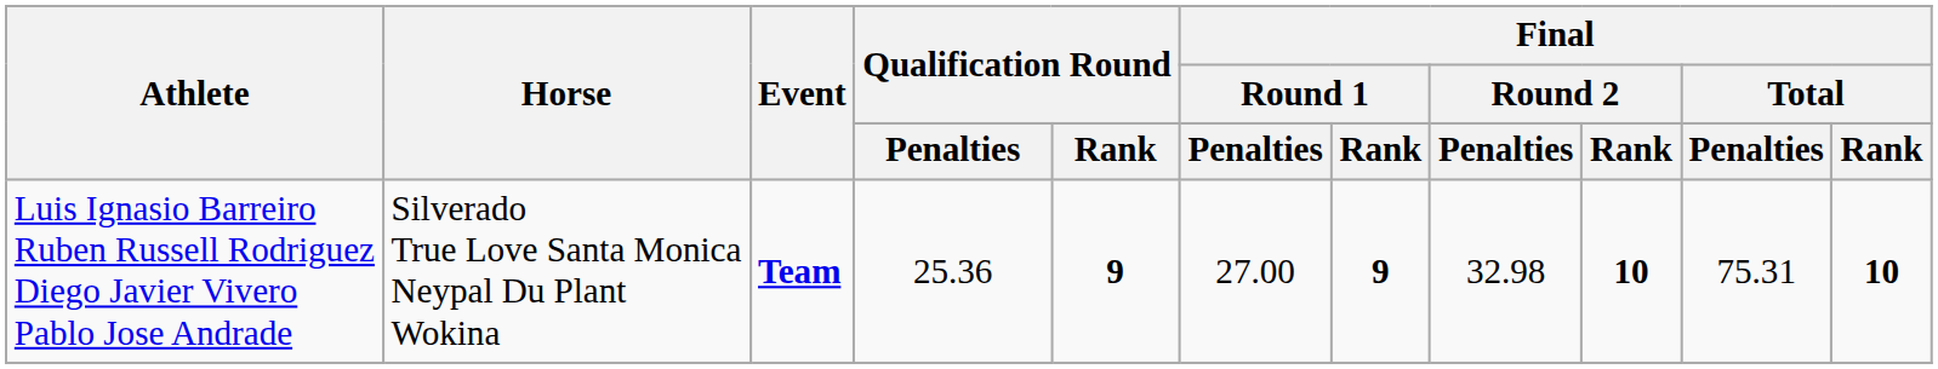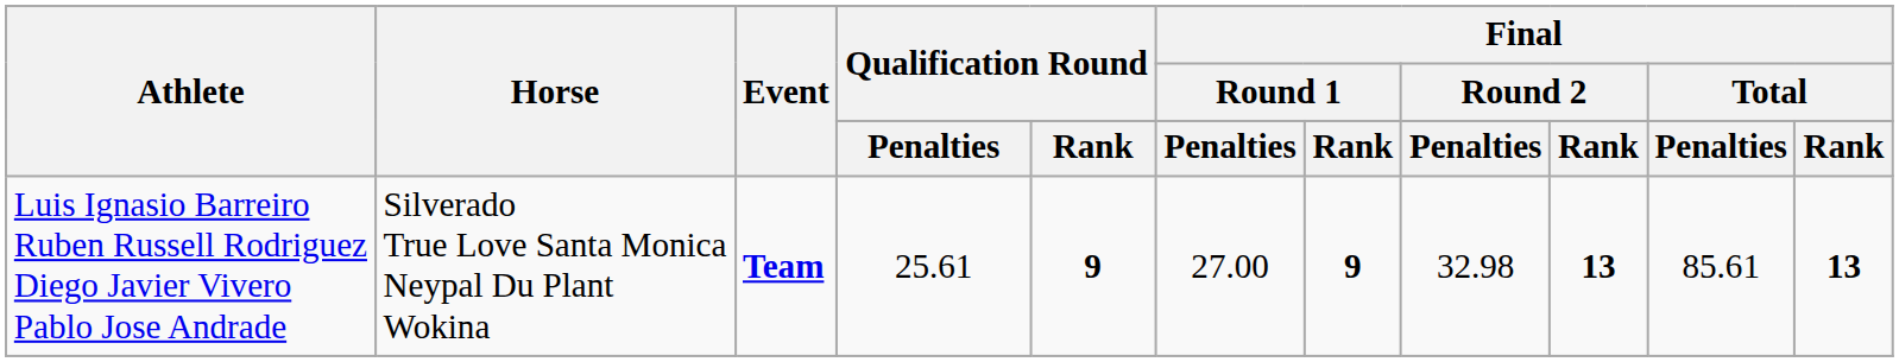 <table class=wikitable style="font-size:90%">
 <tr>
 <th rowspan=3>Athlete</th>
 <th rowspan=3>Horse</th>
 <th rowspan=3>Event</th>
 <th colspan=2 rowspan=2>Qualification Round</th>
 <th colspan=8>Final</th>
 </tr>
 <tr>
 <th colspan=2>Round 1</th>
 <th colspan=2>Round 2</th>
 <th colspan=2>Total</th>
 </tr>
 <tr>
 <th>Penalties</th>
 <th>Rank</th>
 <th>Penalties</th>
 <th>Rank</th>
 <th>Penalties</th>
 <th>Rank</th>
 <th>Penalties</th>
 <th>Rank</th>
 </tr>
 <tr>
 <td><a href='#'>Luis Ignasio Barreiro</a><br><a href='#'>Ruben Russell Rodriguez</a><br><a href='#'>Diego Javier Vivero</a><br><a href='#'>Pablo Jose Andrade</a></td>
 <td>Silverado<br>True Love Santa Monica<br>Neypal Du Plant<br>Wokina</td>
 <td><strong><a href='#'>Team</a></strong></td>
-<td align=center>25.36</td>
+<td align=center>25.61</td>
 <td align=center><strong>9</strong></td>
 <td align=center>27.00</td>
 <td align=center><strong>9</strong></td>
 <td align=center>32.98</td>
-<td align=center><strong>10</strong></td>
-<td align=center>75.31</td>
-<td align=center><strong>10</strong></td>
+<td align=center><strong>13</strong></td>
+<td align=center>85.61</td>
+<td align=center><strong>13</strong></td>
 </tr>
 </table>
